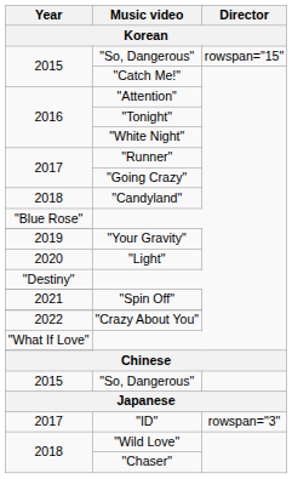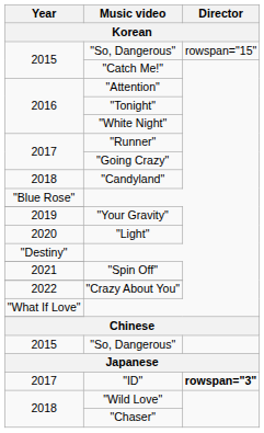 <table class="wikitable" style="text-align:center;">
 <tr>
 <th>Year</th>
 <th>Music video</th>
 <th>Director</th>
 </tr>
 <tr>
 <th colspan="3">Korean</th>
 </tr>
 <tr>
 <td rowspan="2">2015</td>
 <td>"So, Dangerous"</td>
 <td>rowspan="15" </td>
 </tr>
 <tr>
 <td>"Catch Me!"</td>
 </tr>
 <tr>
 <td rowspan="3">2016</td>
 <td>"Attention"</td>
 </tr>
 <tr>
 <td>"Tonight"</td>
 </tr>
 <tr>
 <td>"White Night"</td>
 </tr>
 <tr>
 <td rowspan="2">2017</td>
 <td>"Runner"</td>
 </tr>
 <tr>
 <td>"Going Crazy"</td>
 </tr>
 <tr>
 <td rowspan="2">2018</td>
 <td>"Candyland"</td>
 </tr>
 <tr>
 </tr>
 <tr>
 <td>"Blue Rose"</td>
 </tr>
 <tr>
 </tr>
 <tr>
 <td rowspan="1">2019</td>
 <td>"Your Gravity"</td>
 </tr>
 <tr>
 <td rowspan="2">2020</td>
 <td>"Light"</td>
 </tr>
 <tr>
 </tr>
 <tr>
 <td>"Destiny"</td>
 </tr>
 <tr>
 </tr>
 <tr>
 <td rowspan="1">2021</td>
 <td>"Spin Off"</td>
 </tr>
 <tr>
 </tr>
 <tr>
 <td rowspan="2">2022</td>
 <td>"Crazy About You"</td>
 </tr>
 <tr>
 </tr>
 <tr>
 <td>"What If Love"</td>
 </tr>
 <tr>
 </tr>
 <tr>
 <th colspan="3">Chinese</th>
 </tr>
 <tr>
 <td>2015</td>
 <td>"So, Dangerous"</td>
 <td></td>
 </tr>
 <tr>
 <th colspan="3">Japanese</th>
 </tr>
 <tr>
 <td>2017</td>
 <td>"ID"</td>
-<td>rowspan="3" </td>
+<td><strong>rowspan="3" </strong></td>
 </tr>
 <tr>
 <td rowspan="2">2018</td>
 <td>"Wild Love"</td>
 </tr>
 <tr>
 <td>"Chaser"</td>
 </tr>
 </table>
